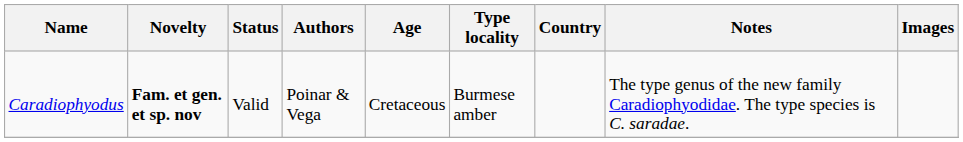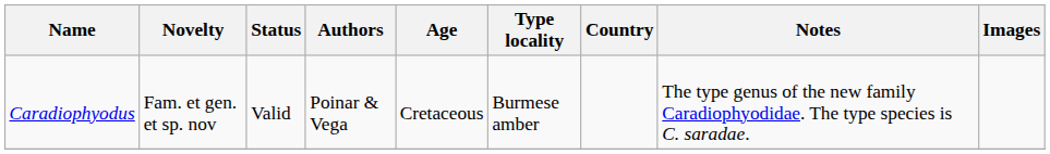 <table class="wikitable sortable" align="center" width="100%">
 <tr>
 <th>Name</th>
 <th>Novelty</th>
 <th>Status</th>
 <th>Authors</th>
 <th>Age</th>
 <th>Type locality</th>
 <th>Country</th>
 <th>Notes</th>
 <th>Images</th>
 </tr>
 <tr>
 <td><br><em><a href='#'>Caradiophyodus</a></em></td>
-<td><strong><br>Fam. et gen. et sp. nov</strong></td>
+<td><br>Fam. et gen. et sp. nov</td>
 <td><br>Valid</td>
 <td><br>Poinar & Vega</td>
 <td><br>Cretaceous</td>
 <td><br>Burmese amber</td>
 <td><br></td>
 <td><br>The type genus of the new family <a href='#'>Caradiophyodidae</a>. The type species is <em>C. saradae</em>.</td>
 <td></td>
 </tr>
 <tr>
 </tr>
 </table>
